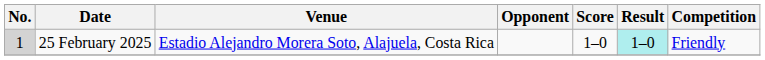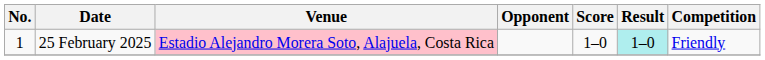 <table class="wikitable">
 <tr>
 <th>No.</th>
 <th>Date</th>
 <th>Venue</th>
 <th>Opponent</th>
 <th>Score</th>
 <th>Result</th>
 <th>Competition</th>
 </tr>
 <tr>
-<td align="center" style="background: lightgrey;">1</td>
+<td align="center">1</td>
 <td>25 February 2025</td>
-<td><a href='#'>Estadio Alejandro Morera Soto</a>, <a href='#'>Alajuela</a>, Costa Rica</td>
+<td style="background: pink;"><a href='#'>Estadio Alejandro Morera Soto</a>, <a href='#'>Alajuela</a>, Costa Rica</td>
 <td></td>
 <td align=center>1–0</td>
 <td align=center style="background: paleturquoise;">1–0</td>
 <td><a href='#'>Friendly</a></td>
 </tr>
 <tr>
 </tr>
 </table>
